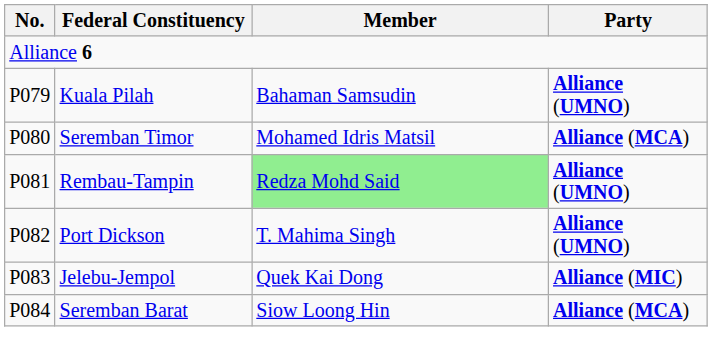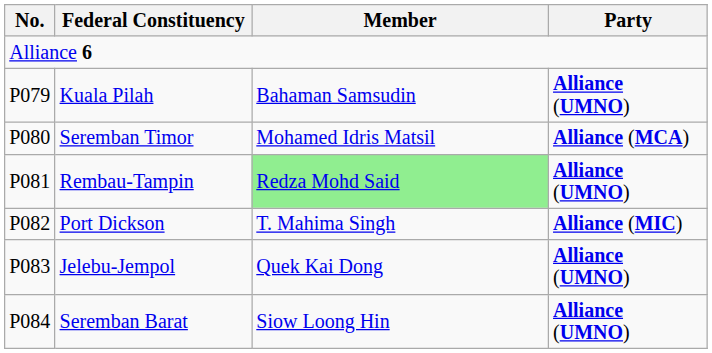 <table class="wikitable sortable">
 <tr>
 <th style="width:30px;">No.</th>
 <th style="width:150px;">Federal Constituency</th>
 <th style="width:230px;">Member</th>
 <th style="width:120px;">Party</th>
 </tr>
 <tr>
 <td colspan="4"><a href='#'>Alliance</a> <strong>6</strong></td>
 </tr>
 <tr>
 <td>P079</td>
 <td><a href='#'>Kuala Pilah</a></td>
 <td><a href='#'>Bahaman Samsudin</a></td>
 <td><strong><a href='#'>Alliance</a></strong> (<strong><a href='#'>UMNO</a></strong>)</td>
 </tr>
 <tr>
 <td>P080</td>
 <td><a href='#'>Seremban Timor</a></td>
 <td><a href='#'>Mohamed Idris Matsil</a></td>
 <td><strong><a href='#'>Alliance</a></strong> (<strong><a href='#'>MCA</a></strong>)</td>
 </tr>
 <tr>
 <td>P081</td>
 <td><a href='#'>Rembau-Tampin</a></td>
 <td style="background: lightgreen;"><a href='#'>Redza Mohd Said</a></td>
 <td><strong><a href='#'>Alliance</a></strong> (<strong><a href='#'>UMNO</a></strong>)</td>
 </tr>
 <tr>
 <td>P082</td>
 <td><a href='#'>Port Dickson</a></td>
 <td><a href='#'>T. Mahima Singh</a></td>
-<td><strong><a href='#'>Alliance</a></strong> (<strong><a href='#'>UMNO</a></strong>)</td>
+<td><strong><a href='#'>Alliance</a></strong> (<strong><a href='#'>MIC</a></strong>)</td>
 </tr>
 <tr>
 <td>P083</td>
 <td><a href='#'>Jelebu-Jempol</a></td>
 <td><a href='#'>Quek Kai Dong</a></td>
-<td><strong><a href='#'>Alliance</a></strong> (<strong><a href='#'>MIC</a></strong>)</td>
+<td><strong><a href='#'>Alliance</a></strong> (<strong><a href='#'>UMNO</a></strong>)</td>
 </tr>
 <tr>
 <td>P084</td>
 <td><a href='#'>Seremban Barat</a></td>
 <td><a href='#'>Siow Loong Hin</a></td>
-<td><strong><a href='#'>Alliance</a></strong> (<strong><a href='#'>MCA</a></strong>)</td>
+<td><strong><a href='#'>Alliance</a></strong> (<strong><a href='#'>UMNO</a></strong>)</td>
 </tr>
 </table>
